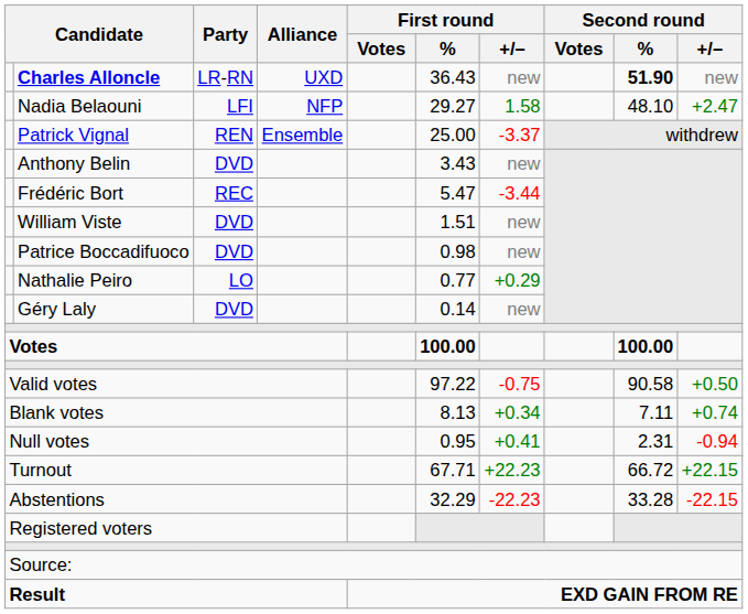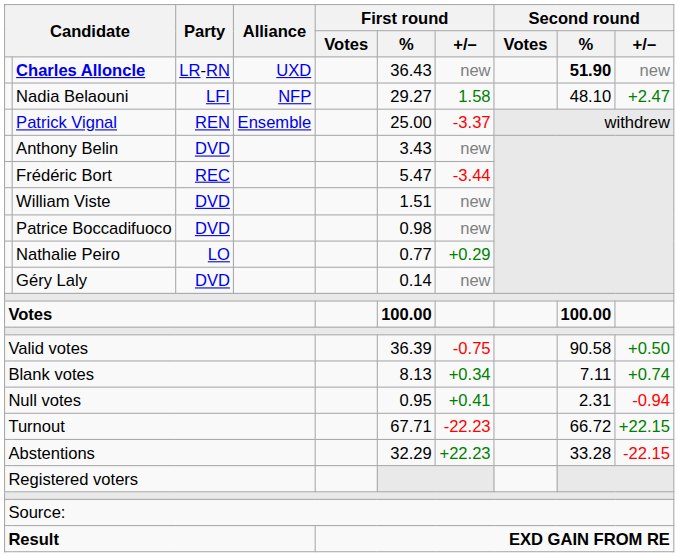 <table class="wikitable" style="text-align:right;font-size:95%;">
 <tr>
 <th rowspan="2" colspan="2">Candidate</th>
 <th colspan="1" rowspan="2">Party</th>
 <th colspan="1" rowspan="2">Alliance</th>
 <th colspan="3">First round</th>
 <th colspan="3">Second round</th>
 </tr>
 <tr>
 <th style="width:50px;">Votes</th>
 <th style="width:45px;">%</th>
 <th style="width:45px;">+/–</th>
 <th style="width:50px;">Votes</th>
 <th style="width:45px;">%</th>
 <th style="width:45px;">+/–</th>
 </tr>
 <tr>
 <td style="color:inherit;background:"></td>
 <td style="text-align:left;"><strong><a href='#'>Charles Alloncle</a></strong></td>
 <td><a href='#'>LR</a>-<a href='#'>RN</a></td>
 <td><a href='#'>UXD</a></td>
 <td></td>
 <td>36.43</td>
 <td style="color:grey;">new</td>
 <td><strong></strong></td>
 <td><strong>51.90</strong></td>
 <td style="color:grey;">new</td>
 </tr>
 <tr>
 <td style="color:inherit;background:"></td>
 <td style="text-align:left;">Nadia Belaouni</td>
 <td><a href='#'>LFI</a></td>
 <td><a href='#'>NFP</a></td>
 <td></td>
 <td>29.27</td>
 <td style="color:green;">1.58</td>
 <td></td>
 <td>48.10</td>
 <td style="color:green;">+2.47</td>
 </tr>
 <tr>
 <td style="color:inherit;background:"></td>
 <td style="text-align:left;"><a href='#'>Patrick Vignal</a></td>
 <td><a href='#'>REN</a></td>
 <td><a href='#'>Ensemble</a></td>
 <td></td>
 <td>25.00</td>
 <td style="color:red;">-3.37</td>
 <td colspan="3" style="background:#E9E9E9;">withdrew</td>
 </tr>
 <tr>
 <td style="color:inherit;background:"></td>
 <td style="text-align:left;">Anthony Belin</td>
 <td><a href='#'>DVD</a></td>
 <td></td>
 <td></td>
 <td>3.43</td>
 <td style="color:grey;">new</td>
 <td colspan="3" rowspan="6" style="background:#E9E9E9;"></td>
 </tr>
 <tr>
 <td style="color:inherit;background:"></td>
 <td style="text-align:left;">Frédéric Bort</td>
 <td><a href='#'>REC</a></td>
 <td></td>
 <td></td>
 <td>5.47</td>
 <td style="color:red;">-3.44</td>
 </tr>
 <tr>
 <td style="color:inherit;background:"></td>
 <td style="text-align:left;">William Viste</td>
 <td><a href='#'>DVD</a></td>
 <td></td>
 <td></td>
 <td>1.51</td>
 <td style="color:grey;">new</td>
 </tr>
 <tr>
 <td style="color:inherit;background:"></td>
 <td style="text-align:left;">Patrice Boccadifuoco</td>
 <td><a href='#'>DVD</a></td>
 <td></td>
 <td></td>
 <td>0.98</td>
 <td style="color:grey;">new</td>
 </tr>
 <tr>
 <td style="color:inherit;background:"></td>
 <td style="text-align:left;">Nathalie Peiro</td>
 <td><a href='#'>LO</a></td>
 <td></td>
 <td></td>
 <td>0.77</td>
 <td style="color:green;">+0.29</td>
 </tr>
 <tr>
 <td style="color:inherit;background:"></td>
 <td style="text-align:left;">Géry Laly</td>
 <td><a href='#'>DVD</a></td>
 <td></td>
 <td></td>
 <td>0.14</td>
 <td style="color:grey;">new</td>
 </tr>
 <tr>
 <td colspan="10" style="background:#E9E9E9;"></td>
 </tr>
 <tr style="font-weight:bold;">
 <td colspan="4" style="text-align:left;">Votes</td>
 <td></td>
 <td>100.00</td>
 <td></td>
 <td></td>
 <td>100.00</td>
 <td></td>
 </tr>
 <tr>
 <td colspan="10" style="background:#E9E9E9;"></td>
 </tr>
 <tr>
 <td colspan="4" style="text-align:left;">Valid votes</td>
 <td></td>
-<td>97.22</td>
+<td>36.39</td>
 <td style="color:red;">-0.75</td>
 <td></td>
 <td>90.58</td>
 <td style="color:green;">+0.50</td>
 </tr>
 <tr>
 <td colspan="4" style="text-align:left;">Blank votes</td>
 <td></td>
 <td>8.13</td>
 <td style="color:green;">+0.34</td>
 <td></td>
 <td>7.11</td>
 <td style="color:green;">+0.74</td>
 </tr>
 <tr>
 <td colspan="4" style="text-align:left;">Null votes</td>
 <td></td>
 <td>0.95</td>
 <td style="color:green;">+0.41</td>
 <td></td>
 <td>2.31</td>
 <td style="color:red;">-0.94</td>
 </tr>
 <tr>
 <td colspan="4" style="text-align:left;">Turnout</td>
 <td></td>
 <td>67.71</td>
-<td style="color:green;">+22.23</td>
+<td style="color:red;">-22.23</td>
 <td></td>
 <td>66.72</td>
 <td style="color:green;">+22.15</td>
 </tr>
 <tr>
 <td colspan="4" style="text-align:left;">Abstentions</td>
 <td></td>
 <td>32.29</td>
-<td style="color:red;">-22.23</td>
+<td style="color:green;">+22.23</td>
 <td></td>
 <td>33.28</td>
 <td style="color:red;">-22.15</td>
 </tr>
 <tr>
 <td colspan="4" style="text-align:left;">Registered voters</td>
 <td></td>
 <td colspan="2" style="background:#E9E9E9;"></td>
 <td></td>
 <td colspan="2" style="background:#E9E9E9;"></td>
 </tr>
 <tr>
 <td colspan="10" style="background:#E9E9E9;"></td>
 </tr>
 <tr>
 <td colspan="10" style="text-align:left;">Source: </td>
 </tr>
 <tr style="font-weight:bold">
 <td colspan="4" style="text-align:left;">Result</td>
 <td colspan="6" style="background-color:">EXD GAIN FROM RE</td>
 </tr>
 </table>
